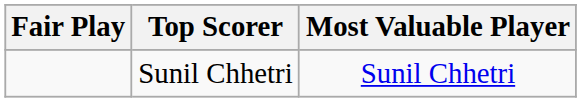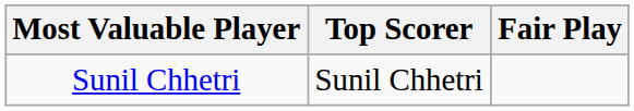 <table class="wikitable" style="text-align:center; margin:auto;">
 <tr>
+<th>Most Valuable Player</th>
+<th>Top Scorer</th>
 <th>Fair Play</th>
-<th>Top Scorer</th>
-<th>Most Valuable Player</th>
 </tr>
 <tr>
+<td> <a href='#'>Sunil Chhetri</a></td>
+<td> Sunil Chhetri</td>
 <td></td>
-<td> Sunil Chhetri</td>
-<td> <a href='#'>Sunil Chhetri</a></td>
 </tr>
 </table>
